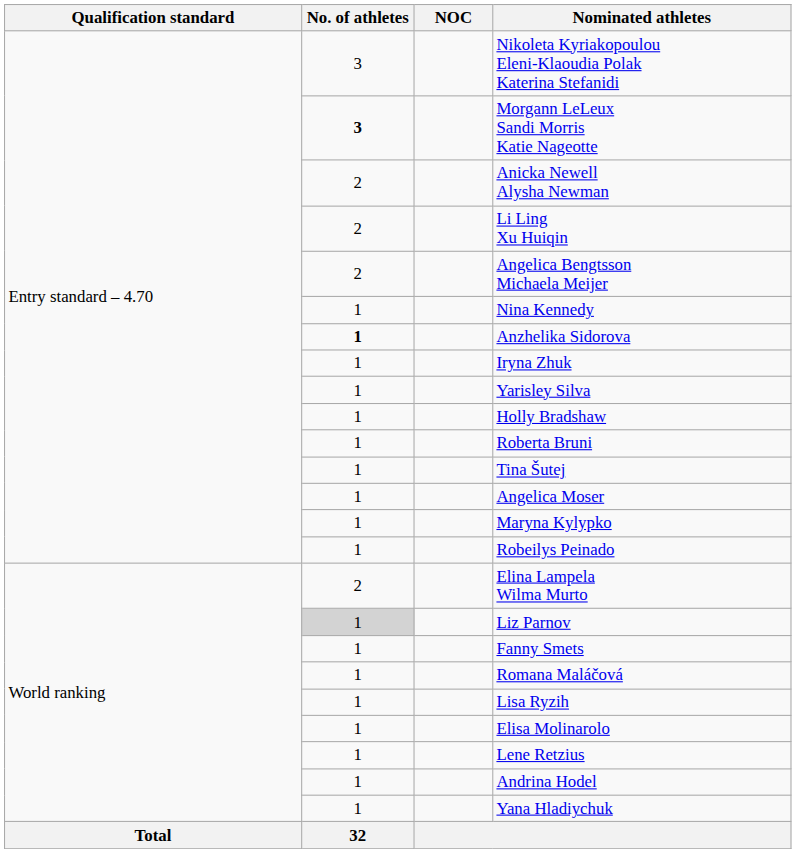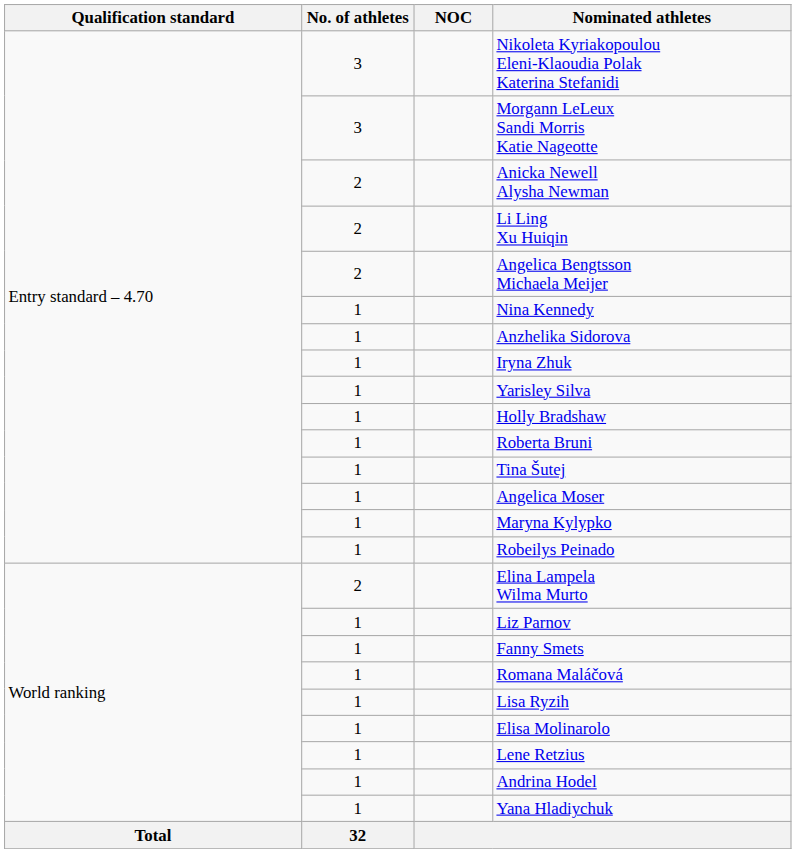 <table class="wikitable" style="text-align:left; width:750px;">
 <tr>
 <th>Qualification standard</th>
 <th width=100>No. of athletes</th>
 <th>NOC</th>
 <th>Nominated athletes</th>
 </tr>
 <tr>
 <td rowspan=15>Entry standard – 4.70</td>
 <td align=center>3</td>
 <td></td>
 <td><a href='#'>Nikoleta Kyriakopoulou</a><br><a href='#'>Eleni-Klaoudia Polak</a><br><a href='#'>Katerina Stefanidi</a></td>
 </tr>
 <tr>
-<td align=center><strong>3</strong></td>
+<td align=center>3</td>
 <td></td>
 <td><a href='#'>Morgann LeLeux</a><br><a href='#'>Sandi Morris</a><br><a href='#'>Katie Nageotte</a></td>
 </tr>
 <tr>
 <td align=center>2</td>
 <td></td>
 <td><a href='#'>Anicka Newell</a><br><a href='#'>Alysha Newman</a></td>
 </tr>
 <tr>
 <td align=center>2</td>
 <td></td>
 <td><a href='#'>Li Ling</a><br><a href='#'>Xu Huiqin</a></td>
 </tr>
 <tr>
 <td align=center>2</td>
 <td></td>
 <td><a href='#'>Angelica Bengtsson</a><br><a href='#'>Michaela Meijer</a></td>
 </tr>
 <tr>
 <td align=center>1</td>
 <td></td>
 <td><a href='#'>Nina Kennedy</a></td>
 </tr>
 <tr>
-<td align=center><strong>1</strong></td>
+<td align=center>1</td>
 <td></td>
 <td><a href='#'>Anzhelika Sidorova</a></td>
 </tr>
 <tr>
 <td align=center>1</td>
 <td></td>
 <td><a href='#'>Iryna Zhuk</a></td>
 </tr>
 <tr>
 <td align=center>1</td>
 <td></td>
 <td><a href='#'>Yarisley Silva</a></td>
 </tr>
 <tr>
 <td align=center>1</td>
 <td></td>
 <td><a href='#'>Holly Bradshaw</a></td>
 </tr>
 <tr>
 <td align=center>1</td>
 <td></td>
 <td><a href='#'>Roberta Bruni</a></td>
 </tr>
 <tr>
 <td align=center>1</td>
 <td></td>
 <td><a href='#'>Tina Šutej</a></td>
 </tr>
 <tr>
 <td align=center>1</td>
 <td></td>
 <td><a href='#'>Angelica Moser</a></td>
 </tr>
 <tr>
 <td align=center>1</td>
 <td></td>
 <td><a href='#'>Maryna Kylypko</a></td>
 </tr>
 <tr>
 <td align=center>1</td>
 <td></td>
 <td><a href='#'>Robeilys Peinado</a></td>
 </tr>
 <tr>
 <td rowspan=9>World ranking</td>
 <td align=center>2</td>
 <td></td>
 <td><a href='#'>Elina Lampela</a><br><a href='#'>Wilma Murto</a></td>
 </tr>
 <tr>
-<td align=center style="background: lightgrey;">1</td>
+<td align=center>1</td>
 <td></td>
 <td><a href='#'>Liz Parnov</a></td>
 </tr>
 <tr>
 <td align=center>1</td>
 <td></td>
 <td><a href='#'>Fanny Smets</a></td>
 </tr>
 <tr>
 <td align=center>1</td>
 <td></td>
 <td><a href='#'>Romana Maláčová</a></td>
 </tr>
 <tr>
 <td align=center>1</td>
 <td></td>
 <td><a href='#'>Lisa Ryzih</a></td>
 </tr>
 <tr>
 <td align=center>1</td>
 <td></td>
 <td><a href='#'>Elisa Molinarolo</a></td>
 </tr>
 <tr>
 <td align=center>1</td>
 <td></td>
 <td><a href='#'>Lene Retzius</a></td>
 </tr>
 <tr>
 <td align=center>1</td>
 <td></td>
 <td><a href='#'>Andrina Hodel</a></td>
 </tr>
 <tr>
 <td align=center>1</td>
 <td></td>
 <td><a href='#'>Yana Hladiychuk</a></td>
 </tr>
 <tr>
 <th>Total</th>
 <th>32</th>
 <th colspan=2></th>
 </tr>
 </table>
